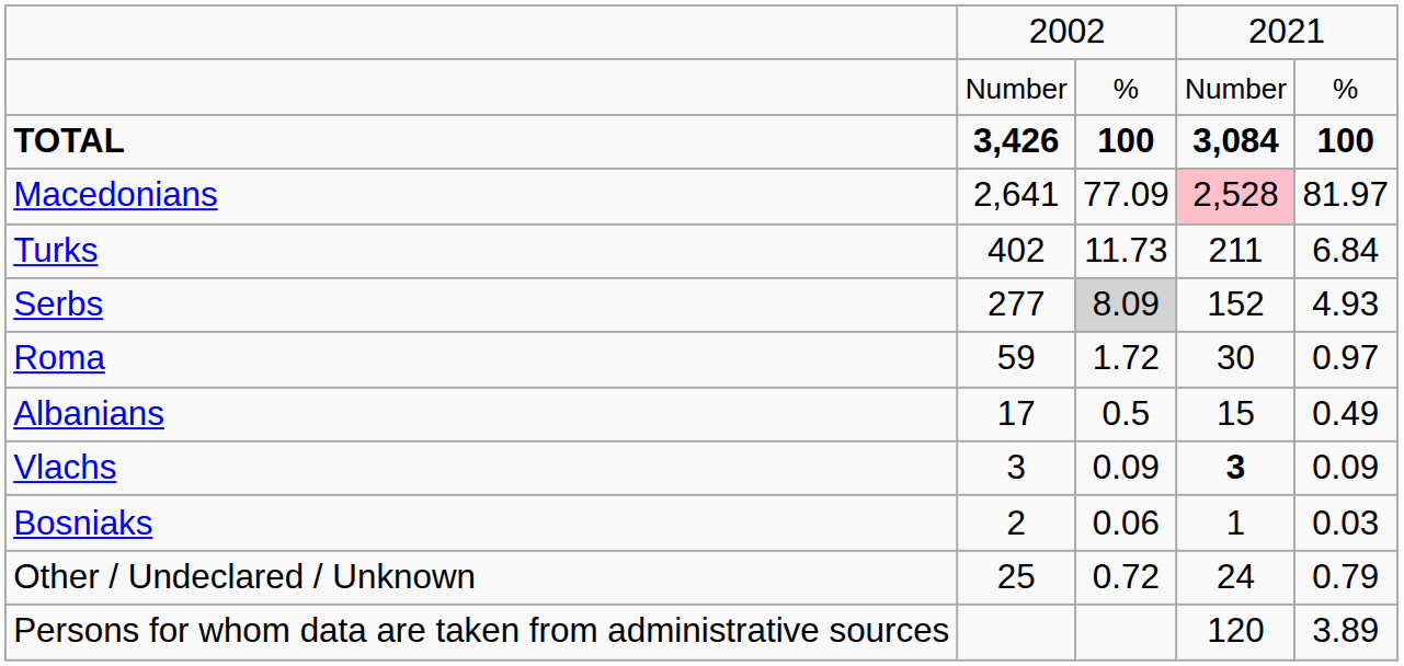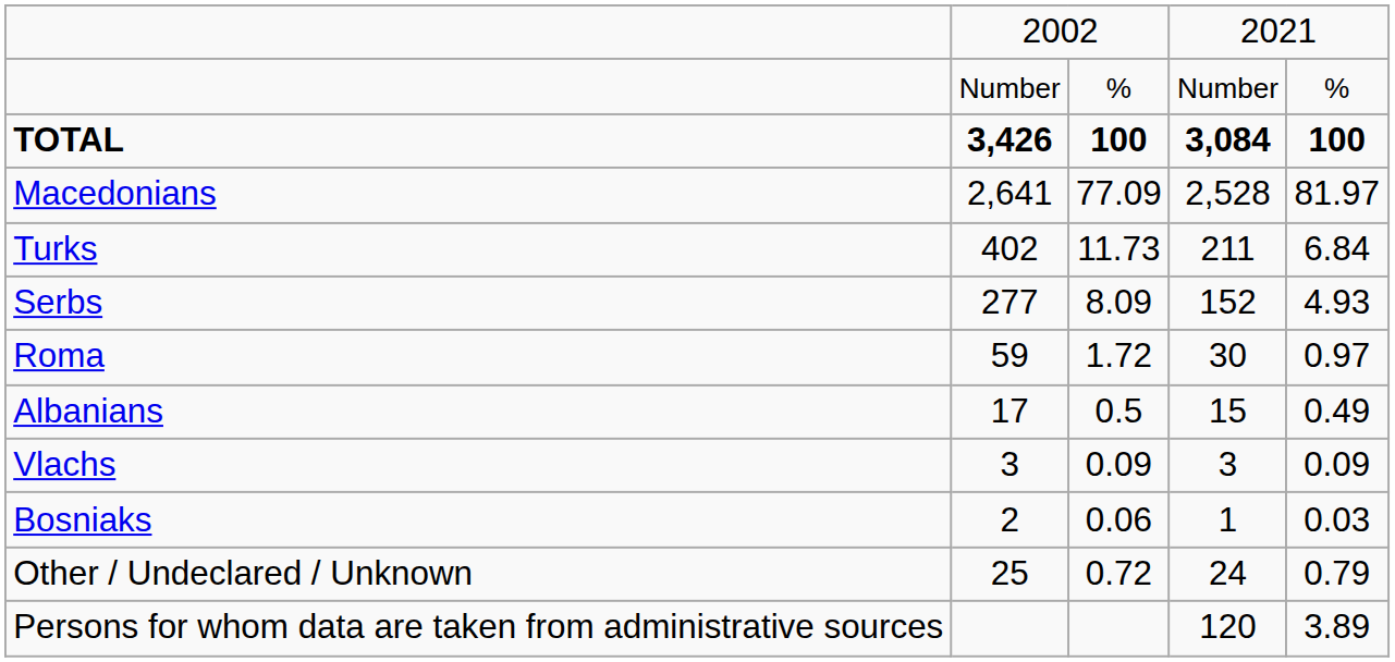 <table class="wikitable">
 <tr>
 <td></td>
 <td colspan="2" align="center">2002</td>
 <td colspan="2" align="center">2021</td>
 </tr>
 <tr>
 <td></td>
 <td align="center"><small>Number</small></td>
 <td align="center"><small>%</small></td>
 <td align="center"><small>Number</small></td>
 <td align="center"><small>%</small></td>
 </tr>
 <tr>
 <td><strong>TOTAL</strong></td>
 <td align="center"><strong>3,426</strong></td>
 <td align="center"><strong>100</strong></td>
 <td align="center"><strong>3,084</strong></td>
 <td align="center"><strong>100</strong></td>
 </tr>
 <tr>
 <td><a href='#'>Macedonians</a></td>
 <td align="center">2,641</td>
 <td align="center">77.09</td>
-<td align="center" style="background: pink;">2,528</td>
+<td align="center">2,528</td>
 <td align="center">81.97</td>
 </tr>
 <tr>
 <td><a href='#'>Turks</a></td>
 <td align="center">402</td>
 <td align="center">11.73</td>
 <td align="center">211</td>
 <td align="center">6.84</td>
 </tr>
 <tr>
 <td><a href='#'>Serbs</a></td>
 <td align="center">277</td>
-<td align="center" style="background: lightgrey;">8.09</td>
+<td align="center">8.09</td>
 <td align="center">152</td>
 <td align="center">4.93</td>
 </tr>
 <tr>
 <td><a href='#'>Roma</a></td>
 <td align="center">59</td>
 <td align="center">1.72</td>
 <td align="center">30</td>
 <td align="center">0.97</td>
 </tr>
 <tr>
 <td><a href='#'>Albanians</a></td>
 <td align="center">17</td>
 <td align="center">0.5</td>
 <td align="center">15</td>
 <td align="center">0.49</td>
 </tr>
 <tr>
 <td><a href='#'>Vlachs</a></td>
 <td align="center">3</td>
 <td align="center">0.09</td>
-<td align="center"><strong>3</strong></td>
+<td align="center">3</td>
 <td align="center">0.09</td>
 </tr>
 <tr>
 <td><a href='#'>Bosniaks</a></td>
 <td align="center">2</td>
 <td align="center">0.06</td>
 <td align="center">1</td>
 <td align="center">0.03</td>
 </tr>
 <tr>
 <td>Other / Undeclared / Unknown</td>
 <td align="center">25</td>
 <td align="center">0.72</td>
 <td align="center">24</td>
 <td align="center">0.79</td>
 </tr>
 <tr>
 <td>Persons for whom data are taken from administrative sources</td>
 <td align="center"></td>
 <td align="center"></td>
 <td align="center">120</td>
 <td align="center">3.89</td>
 </tr>
 </table>
